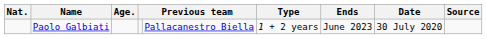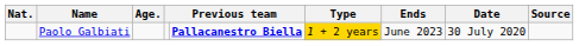 <table class="wikitable sortable">
 <tr>
 <th>Nat.</th>
 <th>Name</th>
 <th>Age.</th>
 <th colspan=2>Previous team</th>
 <th>Type</th>
 <th>Ends</th>
 <th>Date</th>
 <th>Source</th>
 </tr>
 <tr>
 <td></td>
 <td><a href='#'>Paolo Galbiati</a></td>
 <td></td>
 <td></td>
-<td><a href='#'>Pallacanestro Biella</a></td>
-<td><em>1</em> + 2 years</td>
+<td><strong><a href='#'>Pallacanestro Biella</a></strong></td>
+<td style="background: gold;"><em>1</em> + 2 years</td>
 <td>June 2023</td>
 <td>30 July 2020</td>
 <td></td>
 </tr>
 </table>
